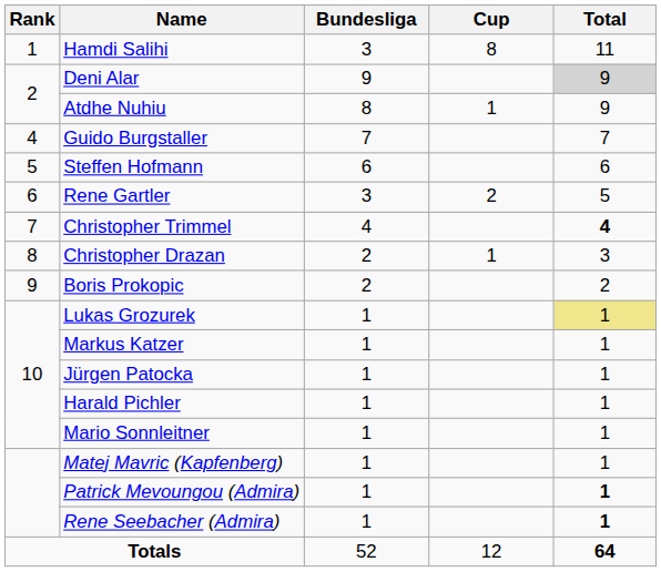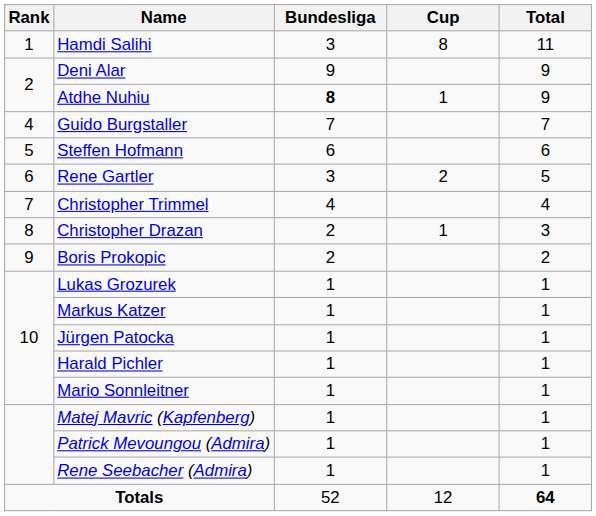 <table class="wikitable" style="text-align: center;">
 <tr>
 <th>Rank</th>
 <th>Name</th>
 <th width=100>Bundesliga</th>
 <th width=100>Cup</th>
 <th width=80><strong>Total</strong></th>
 </tr>
 <tr>
 <td>1</td>
 <td align="left"> <a href='#'>Hamdi Salihi</a></td>
 <td>3</td>
 <td>8</td>
 <td>11</td>
 </tr>
 <tr>
 <td rowspan="2">2</td>
 <td align="left"> <a href='#'>Deni Alar</a></td>
 <td>9</td>
 <td></td>
-<td style="background: lightgrey;">9</td>
+<td>9</td>
 </tr>
 <tr>
 <td align="left"> <a href='#'>Atdhe Nuhiu</a></td>
-<td>8</td>
+<td><strong>8</strong></td>
 <td>1</td>
 <td>9</td>
 </tr>
 <tr>
 <td>4</td>
 <td align="left"> <a href='#'>Guido Burgstaller</a></td>
 <td>7</td>
 <td></td>
 <td>7</td>
 </tr>
 <tr>
 <td>5</td>
 <td align="left"> <a href='#'>Steffen Hofmann</a></td>
 <td>6</td>
 <td></td>
 <td>6</td>
 </tr>
 <tr>
 <td>6</td>
 <td align="left"> <a href='#'>Rene Gartler</a></td>
 <td>3</td>
 <td>2</td>
 <td>5</td>
 </tr>
 <tr>
 <td>7</td>
 <td align="left"> <a href='#'>Christopher Trimmel</a></td>
 <td>4</td>
 <td></td>
-<td><strong>4</strong></td>
+<td>4</td>
 </tr>
 <tr>
 <td>8</td>
 <td align="left"> <a href='#'>Christopher Drazan</a></td>
 <td>2</td>
 <td>1</td>
 <td>3</td>
 </tr>
 <tr>
 <td>9</td>
 <td align="left"> <a href='#'>Boris Prokopic</a></td>
 <td>2</td>
 <td></td>
 <td>2</td>
 </tr>
 <tr>
 <td rowspan="5">10</td>
 <td align="left"> <a href='#'>Lukas Grozurek</a></td>
 <td>1</td>
 <td></td>
-<td style="background: khaki;">1</td>
+<td>1</td>
 </tr>
 <tr>
 <td align="left"> <a href='#'>Markus Katzer</a></td>
 <td>1</td>
 <td></td>
 <td>1</td>
 </tr>
 <tr>
 <td align="left"> <a href='#'>Jürgen Patocka</a></td>
 <td>1</td>
 <td></td>
 <td>1</td>
 </tr>
 <tr>
 <td align="left"> <a href='#'>Harald Pichler</a></td>
 <td>1</td>
 <td></td>
 <td>1</td>
 </tr>
 <tr>
 <td align="left"> <a href='#'>Mario Sonnleitner</a></td>
 <td>1</td>
 <td></td>
 <td>1</td>
 </tr>
 <tr>
 <td rowspan="3"></td>
 <td align="left"> <em><a href='#'>Matej Mavric</a> (<a href='#'>Kapfenberg</a>)</em></td>
 <td>1</td>
 <td></td>
 <td>1</td>
 </tr>
 <tr>
 <td align="left"> <em><a href='#'>Patrick Mevoungou</a> (<a href='#'>Admira</a>)</em></td>
 <td>1</td>
 <td></td>
-<td><strong>1</strong></td>
+<td>1</td>
 </tr>
 <tr>
 <td align="left"> <em><a href='#'>Rene Seebacher</a> (<a href='#'>Admira</a>)</em></td>
 <td>1</td>
 <td></td>
-<td><strong>1</strong></td>
+<td>1</td>
 </tr>
 <tr>
 <td colspan="2"><strong>Totals</strong></td>
 <td>52</td>
 <td>12</td>
 <td><strong>64</strong></td>
 </tr>
 </table>
